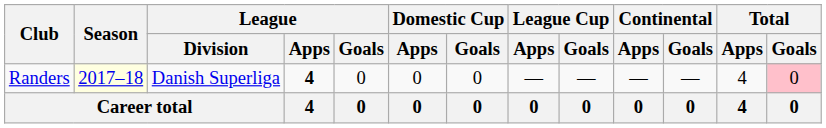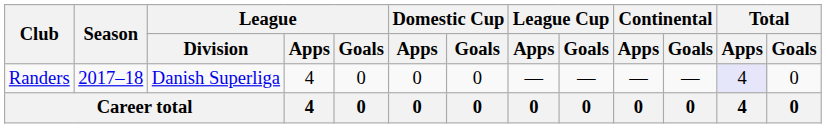 <table class="wikitable" style="text-align: center;">
 <tr>
 <th rowspan="2">Club</th>
 <th rowspan="2">Season</th>
 <th colspan="3">League</th>
 <th colspan="2">Domestic Cup</th>
 <th colspan="2">League Cup</th>
 <th colspan="2">Continental</th>
 <th colspan="2">Total</th>
 </tr>
 <tr>
 <th>Division</th>
 <th>Apps</th>
 <th>Goals</th>
 <th>Apps</th>
 <th>Goals</th>
 <th>Apps</th>
 <th>Goals</th>
 <th>Apps</th>
 <th>Goals</th>
 <th>Apps</th>
 <th>Goals</th>
 </tr>
 <tr>
 <td rowspan="1"><a href='#'>Randers</a></td>
-<td style="background: lightyellow;"><a href='#'>2017–18</a></td>
+<td><a href='#'>2017–18</a></td>
 <td><a href='#'>Danish Superliga</a></td>
-<td><strong>4</strong></td>
+<td>4</td>
 <td>0</td>
 <td>0</td>
 <td>0</td>
 <td>—</td>
 <td>—</td>
 <td>—</td>
 <td>—</td>
-<td>4</td>
-<td style="background: pink;">0</td>
+<td style="background: lavender;">4</td>
+<td>0</td>
 </tr>
 <tr>
 <th colspan="3">Career total</th>
 <th>4</th>
 <th>0</th>
 <th>0</th>
 <th>0</th>
 <th>0</th>
 <th>0</th>
 <th>0</th>
 <th>0</th>
 <th>4</th>
 <th>0</th>
 </tr>
 </table>
